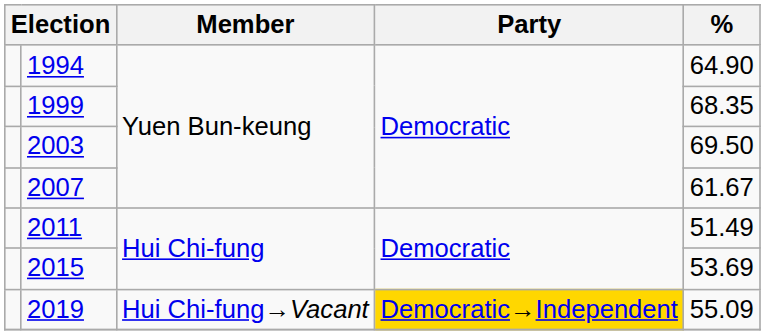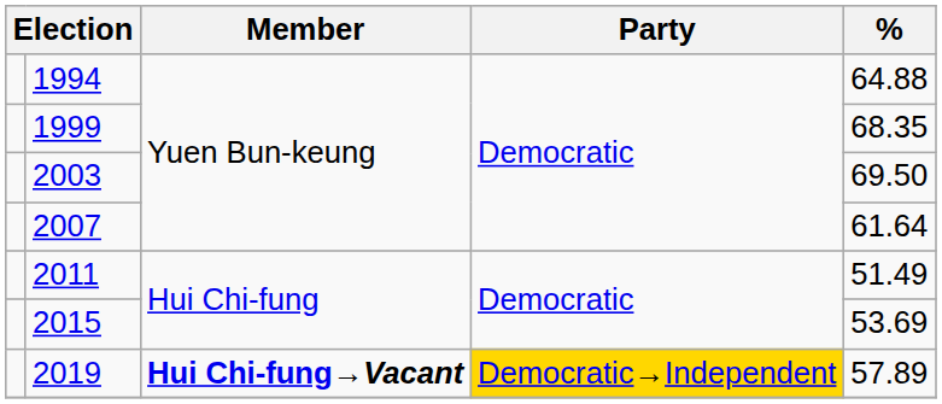 <table class="wikitable">
 <tr>
 <th colspan="2">Election</th>
 <th>Member</th>
 <th>Party</th>
 <th>%</th>
 </tr>
 <tr>
 <td style="color:inherit;background-color: "></td>
 <td><a href='#'>1994</a></td>
 <td rowspan=4>Yuen Bun-keung</td>
 <td rowspan=4><a href='#'>Democratic</a></td>
-<td>64.90</td>
+<td>64.88</td>
 </tr>
 <tr>
 <td style="color:inherit;background:"></td>
 <td><a href='#'>1999</a></td>
 <td>68.35</td>
 </tr>
 <tr>
 <td style="color:inherit;background:"></td>
 <td><a href='#'>2003</a></td>
 <td>69.50</td>
 </tr>
 <tr>
 <td style="color:inherit;background:"></td>
 <td><a href='#'>2007</a></td>
-<td>61.67</td>
+<td>61.64</td>
 </tr>
 <tr>
 <td style="color:inherit;background-color: "></td>
 <td><a href='#'>2011</a></td>
 <td rowspan=2><a href='#'>Hui Chi-fung</a></td>
 <td rowspan=2><a href='#'>Democratic</a></td>
 <td>51.49</td>
 </tr>
 <tr>
 <td style="color:inherit;background:"></td>
 <td><a href='#'>2015</a></td>
 <td>53.69</td>
 </tr>
 <tr>
 <td style="color:inherit;background:"></td>
 <td><a href='#'>2019</a></td>
-<td><a href='#'>Hui Chi-fung</a>→<em>Vacant</em></td>
+<td><strong><a href='#'>Hui Chi-fung</a>→<em>Vacant</em></strong></td>
 <td style="background: gold;"><a href='#'>Democratic</a>→<a href='#'>Independent</a></td>
-<td>55.09</td>
+<td>57.89</td>
 </tr>
 <tr>
 </tr>
 </table>
